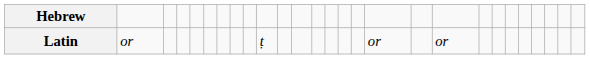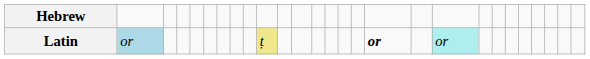 <table class="wikitable" style="font-size:125%; margin:0 auto; width:90%; border-collapse:collapse;">
 <tr>
 <th scope="row"><span>Hebrew</span></th>
 <td></td>
 <td>‎ </td>
 <td>‎ </td>
 <td>‎ </td>
 <td></td>
 <td></td>
 <td></td>
 <td></td>
 <td></td>
 <td></td>
 <td>‎ ‎ </td>
 <td></td>
 <td>‎ </td>
 <td>‎ </td>
 <td></td>
 <td></td>
 <td>‎ ‎ </td>
 <td>‎ </td>
 <td></td>
 <td></td>
 <td></td>
 <td></td>
 <td></td>
 <td></td>
 <td></td>
 <td></td>
 </tr>
 <tr>
 <th scope="row"><span>Latin</span></th>
-<td><big></big> <span><em>or </em></span> <big></big></td>
+<td style="background: lightblue;"><big></big> <span><em>or </em></span> <big></big></td>
 <td></td>
 <td></td>
 <td></td>
 <td></td>
 <td></td>
 <td></td>
 <td></td>
-<td><em>ṭ</em></td>
+<td style="background: khaki;"><em>ṭ</em></td>
 <td></td>
 <td></td>
 <td></td>
 <td></td>
 <td></td>
 <td></td>
-<td><big></big> <span><em>or </em></span> <big></big></td>
+<td><strong><big></big> <span><em>or </em></span> <big></big></strong></td>
 <td></td>
-<td> <span><em>or </em></span> </td>
+<td style="background: paleturquoise;"> <span><em>or </em></span> </td>
 <td></td>
 <td></td>
 <td></td>
 <td></td>
 <td></td>
 <td></td>
 <td></td>
 <td></td>
 </tr>
 </table>
